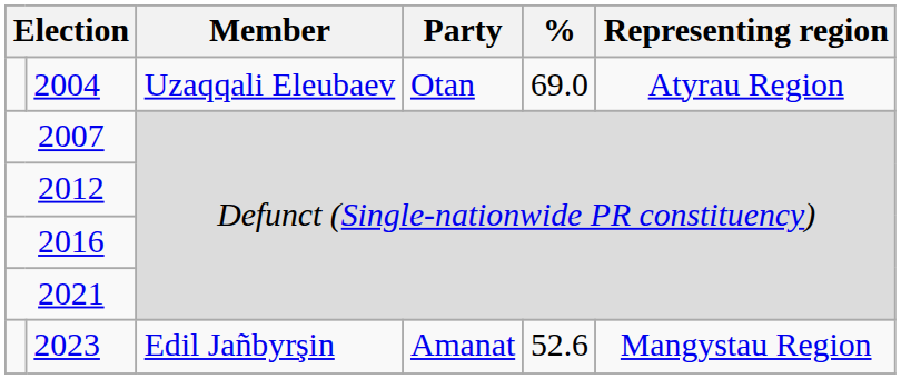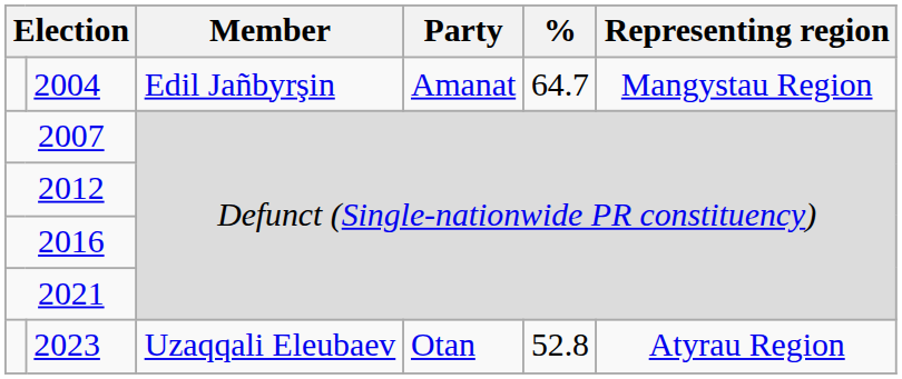 <table class="wikitable">
 <tr>
 <th colspan="2">Election</th>
 <th>Member</th>
 <th>Party</th>
 <th>%</th>
 <th>Representing region</th>
 </tr>
 <tr>
 <td style="background-color: "></td>
 <td><a href='#'>2004</a></td>
-<td><a href='#'>Uzaqqali Eleubaev</a></td>
-<td><a href='#'>Otan</a></td>
-<td align="right">69.0</td>
-<td align="center"><a href='#'>Atyrau Region</a></td>
+<td><a href='#'>Edil Jañbyrşin</a></td>
+<td><a href='#'>Amanat</a></td>
+<td align="right">64.7</td>
+<td align="center"><a href='#'>Mangystau Region</a></td>
 </tr>
 <tr>
 <td colspan="2" align="center"><a href='#'>2007</a></td>
 <td colspan="4" rowspan="4" align="center" style="background-color:#DCDCDC"><em>Defunct (<a href='#'>Single-nationwide PR constituency</a>)</em></td>
 </tr>
 <tr>
 <td colspan="2" align="center"><a href='#'>2012</a></td>
 </tr>
 <tr>
 <td colspan="2" align="center"><a href='#'>2016</a></td>
 </tr>
 <tr>
 <td colspan="2" align="center"><a href='#'>2021</a></td>
 </tr>
 <tr>
 <td style="background-color: "></td>
 <td><a href='#'>2023</a></td>
-<td><a href='#'>Edil Jañbyrşin</a></td>
-<td><a href='#'>Amanat</a></td>
-<td align="right">52.6</td>
-<td align="center"><a href='#'>Mangystau Region</a></td>
+<td><a href='#'>Uzaqqali Eleubaev</a></td>
+<td><a href='#'>Otan</a></td>
+<td align="right">52.8</td>
+<td align="center"><a href='#'>Atyrau Region</a></td>
 </tr>
 </table>
